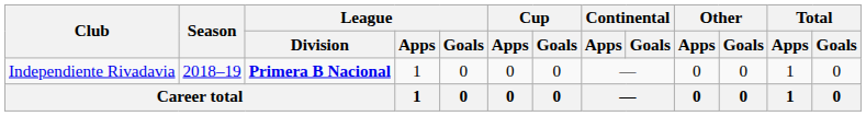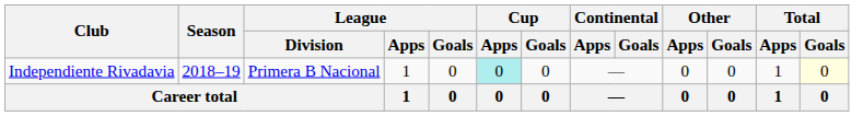 <table class="wikitable" style="text-align:center">
 <tr>
 <th rowspan="2">Club</th>
 <th rowspan="2">Season</th>
 <th colspan="3">League</th>
 <th colspan="2">Cup</th>
 <th colspan="2">Continental</th>
 <th colspan="2">Other</th>
 <th colspan="2">Total</th>
 </tr>
 <tr>
 <th>Division</th>
 <th>Apps</th>
 <th>Goals</th>
 <th>Apps</th>
 <th>Goals</th>
 <th>Apps</th>
 <th>Goals</th>
 <th>Apps</th>
 <th>Goals</th>
 <th>Apps</th>
 <th>Goals</th>
 </tr>
 <tr>
 <td rowspan="1"><a href='#'>Independiente Rivadavia</a></td>
 <td><a href='#'>2018–19</a></td>
-<td rowspan="1"><strong><a href='#'>Primera B Nacional</a></strong></td>
+<td rowspan="1"><a href='#'>Primera B Nacional</a></td>
 <td>1</td>
 <td>0</td>
-<td>0</td>
+<td style="background: paleturquoise;">0</td>
 <td>0</td>
 <td colspan="2">—</td>
 <td>0</td>
 <td>0</td>
 <td>1</td>
-<td>0</td>
+<td style="background: lightyellow;">0</td>
 </tr>
 <tr>
 <th colspan="3">Career total</th>
 <th>1</th>
 <th>0</th>
 <th>0</th>
 <th>0</th>
 <th colspan="2">—</th>
 <th>0</th>
 <th>0</th>
 <th>1</th>
 <th>0</th>
 </tr>
 </table>
